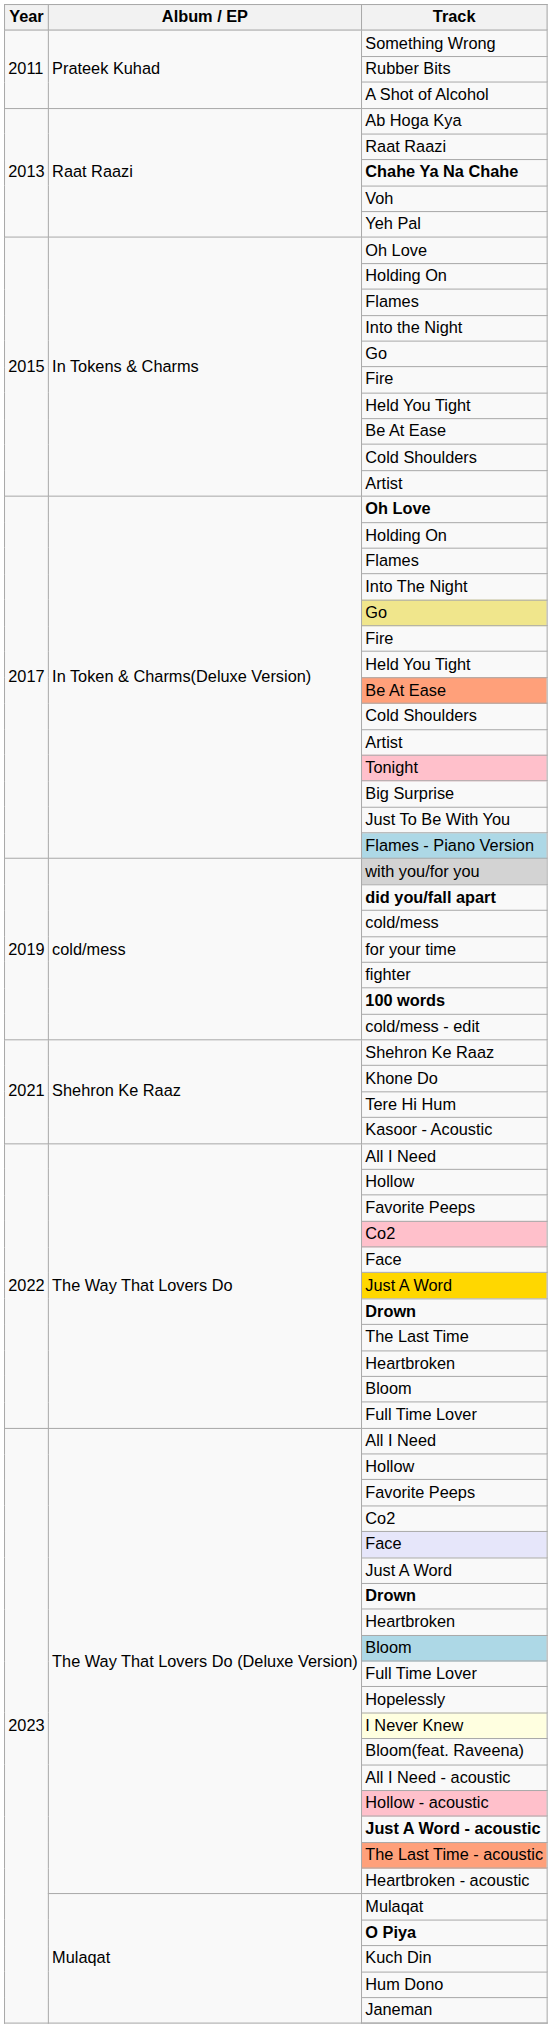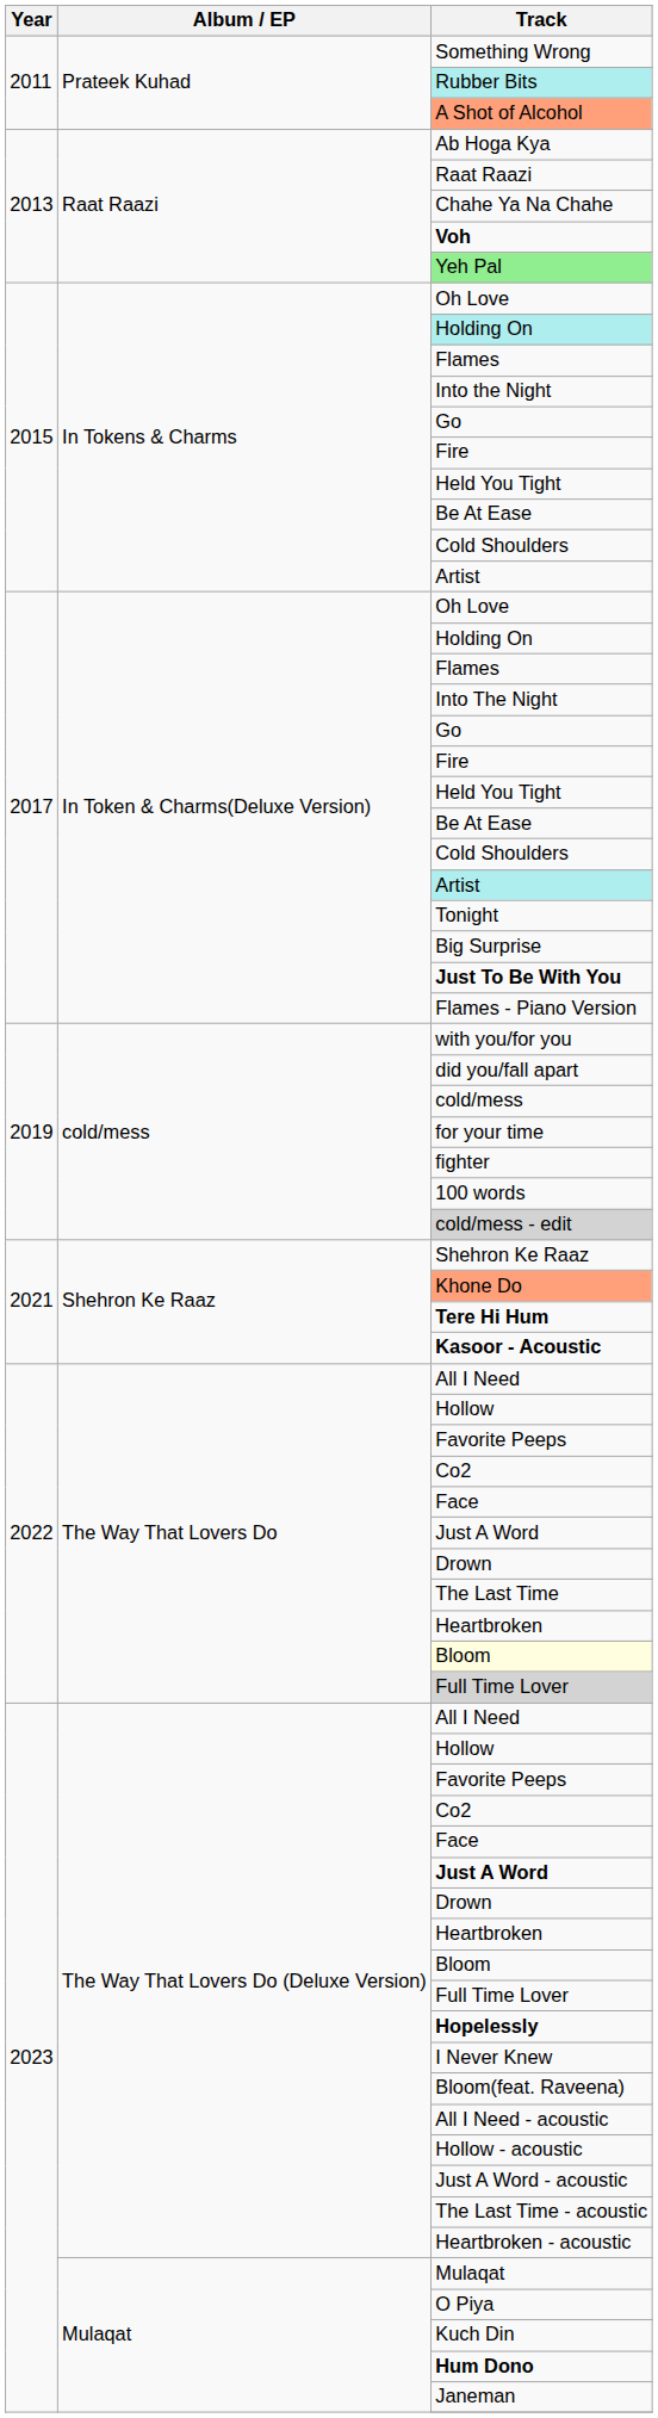 <table class="wikitable sortable">
 <tr style="background:#ccc; text-align:center;">
 <th>Year</th>
 <th>Album / EP</th>
 <th>Track</th>
 </tr>
 <tr>
 <td rowspan="3">2011</td>
 <td rowspan="3">Prateek Kuhad</td>
 <td>Something Wrong</td>
 </tr>
 <tr>
-<td>Rubber Bits</td>
+<td style="background: paleturquoise;">Rubber Bits</td>
 </tr>
 <tr>
-<td>A Shot of Alcohol</td>
+<td style="background: lightsalmon;">A Shot of Alcohol</td>
 </tr>
 <tr>
 <td rowspan="5">2013</td>
 <td rowspan="5">Raat Raazi</td>
 <td>Ab Hoga Kya</td>
 </tr>
 <tr>
 <td>Raat Raazi</td>
 </tr>
 <tr>
-<td><strong>Chahe Ya Na Chahe</strong></td>
+<td>Chahe Ya Na Chahe</td>
 </tr>
 <tr>
-<td>Voh</td>
+<td><strong>Voh</strong></td>
 </tr>
 <tr>
-<td>Yeh Pal</td>
+<td style="background: lightgreen;">Yeh Pal</td>
 </tr>
 <tr>
 <td rowspan="10">2015</td>
 <td rowspan="10">In Tokens & Charms</td>
 <td>Oh Love</td>
 </tr>
 <tr>
-<td>Holding On</td>
+<td style="background: paleturquoise;">Holding On</td>
 </tr>
 <tr>
 <td>Flames</td>
 </tr>
 <tr>
 <td>Into the Night</td>
 </tr>
 <tr>
 <td>Go</td>
 </tr>
 <tr>
 <td>Fire</td>
 </tr>
 <tr>
 <td>Held You Tight</td>
 </tr>
 <tr>
 <td>Be At Ease</td>
 </tr>
 <tr>
 <td>Cold Shoulders</td>
 </tr>
 <tr>
 <td>Artist</td>
 </tr>
 <tr>
 <td rowspan="14">2017</td>
 <td rowspan="14">In Token & Charms(Deluxe Version)</td>
-<td><strong>Oh Love</strong></td>
+<td>Oh Love</td>
 </tr>
 <tr>
 <td>Holding On</td>
 </tr>
 <tr>
 <td>Flames</td>
 </tr>
 <tr>
 <td>Into The Night</td>
 </tr>
 <tr>
-<td style="background: khaki;">Go</td>
+<td>Go</td>
 </tr>
 <tr>
 <td>Fire</td>
 </tr>
 <tr>
 <td>Held You Tight</td>
 </tr>
 <tr>
-<td style="background: lightsalmon;">Be At Ease</td>
+<td>Be At Ease</td>
 </tr>
 <tr>
 <td>Cold Shoulders</td>
 </tr>
 <tr>
-<td>Artist</td>
+<td style="background: paleturquoise;">Artist</td>
 </tr>
 <tr>
-<td style="background: pink;">Tonight</td>
+<td>Tonight</td>
 </tr>
 <tr>
 <td>Big Surprise</td>
 </tr>
 <tr>
-<td>Just To Be With You</td>
+<td><strong>Just To Be With You</strong></td>
 </tr>
 <tr>
-<td style="background: lightblue;">Flames - Piano Version</td>
+<td>Flames - Piano Version</td>
 </tr>
 <tr>
 <td rowspan="7">2019</td>
 <td rowspan="7">cold/mess</td>
-<td style="background: lightgrey;">with you/for you</td>
+<td>with you/for you</td>
 </tr>
 <tr>
-<td><strong>did you/fall apart</strong></td>
+<td>did you/fall apart</td>
 </tr>
 <tr>
 <td>cold/mess</td>
 </tr>
 <tr>
 <td>for your time</td>
 </tr>
 <tr>
 <td>fighter</td>
 </tr>
 <tr>
-<td><strong>100 words</strong></td>
+<td>100 words</td>
 </tr>
 <tr>
-<td>cold/mess - edit</td>
+<td style="background: lightgrey;">cold/mess - edit</td>
 </tr>
 <tr>
 <td rowspan="4">2021</td>
 <td rowspan="4">Shehron Ke Raaz</td>
 <td>Shehron Ke Raaz</td>
 </tr>
 <tr>
-<td>Khone Do</td>
+<td style="background: lightsalmon;">Khone Do</td>
 </tr>
 <tr>
-<td>Tere Hi Hum</td>
+<td><strong>Tere Hi Hum</strong></td>
 </tr>
 <tr>
-<td>Kasoor - Acoustic</td>
+<td><strong>Kasoor - Acoustic</strong></td>
 </tr>
 <tr>
 <td rowspan="11">2022</td>
 <td rowspan="11">The Way That Lovers Do</td>
 <td>All I Need</td>
 </tr>
 <tr>
 <td>Hollow</td>
 </tr>
 <tr>
 <td>Favorite Peeps</td>
 </tr>
 <tr>
-<td style="background: pink;">Co2</td>
+<td>Co2</td>
 </tr>
 <tr>
 <td>Face</td>
 </tr>
 <tr>
-<td style="background: gold;">Just A Word</td>
+<td>Just A Word</td>
 </tr>
 <tr>
-<td><strong>Drown</strong></td>
+<td>Drown</td>
 </tr>
 <tr>
 <td>The Last Time</td>
 </tr>
 <tr>
 <td>Heartbroken</td>
 </tr>
 <tr>
-<td>Bloom</td>
+<td style="background: lightyellow;">Bloom</td>
 </tr>
 <tr>
-<td>Full Time Lover</td>
+<td style="background: lightgrey;">Full Time Lover</td>
 </tr>
 <tr>
 <td rowspan="24">2023</td>
 <td rowspan="18">The Way That Lovers Do (Deluxe Version)</td>
 <td>All I Need</td>
 </tr>
 <tr>
 <td>Hollow</td>
 </tr>
 <tr>
 <td>Favorite Peeps</td>
 </tr>
 <tr>
 <td>Co2</td>
 </tr>
 <tr>
-<td style="background: lavender;">Face</td>
+<td>Face</td>
 </tr>
 <tr>
-<td>Just A Word</td>
+<td><strong>Just A Word</strong></td>
 </tr>
 <tr>
-<td><strong>Drown</strong></td>
+<td>Drown</td>
 </tr>
 <tr>
 <td>Heartbroken</td>
 </tr>
 <tr>
-<td style="background: lightblue;">Bloom</td>
+<td>Bloom</td>
 </tr>
 <tr>
 <td>Full Time Lover</td>
 </tr>
 <tr>
-<td>Hopelessly</td>
+<td><strong>Hopelessly</strong></td>
 </tr>
 <tr>
-<td style="background: lightyellow;">I Never Knew</td>
+<td>I Never Knew</td>
 </tr>
 <tr>
 <td>Bloom(feat. Raveena)</td>
 </tr>
 <tr>
 <td>All I Need - acoustic</td>
 </tr>
 <tr>
-<td style="background: pink;">Hollow - acoustic</td>
+<td>Hollow - acoustic</td>
 </tr>
 <tr>
-<td><strong>Just A Word - acoustic</strong></td>
+<td>Just A Word - acoustic</td>
 </tr>
 <tr>
-<td style="background: lightsalmon;">The Last Time - acoustic</td>
+<td>The Last Time - acoustic</td>
 </tr>
 <tr>
 <td>Heartbroken - acoustic</td>
 </tr>
 <tr>
 <td rowspan="6">Mulaqat</td>
 <td>Mulaqat</td>
 </tr>
 <tr>
-<td><strong>O Piya</strong></td>
+<td>O Piya</td>
 </tr>
 <tr>
 <td>Kuch Din</td>
 </tr>
 <tr>
-<td>Hum Dono</td>
+<td><strong>Hum Dono</strong></td>
 </tr>
 <tr>
 <td>Janeman</td>
 </tr>
 <tr>
 </tr>
 </table>
